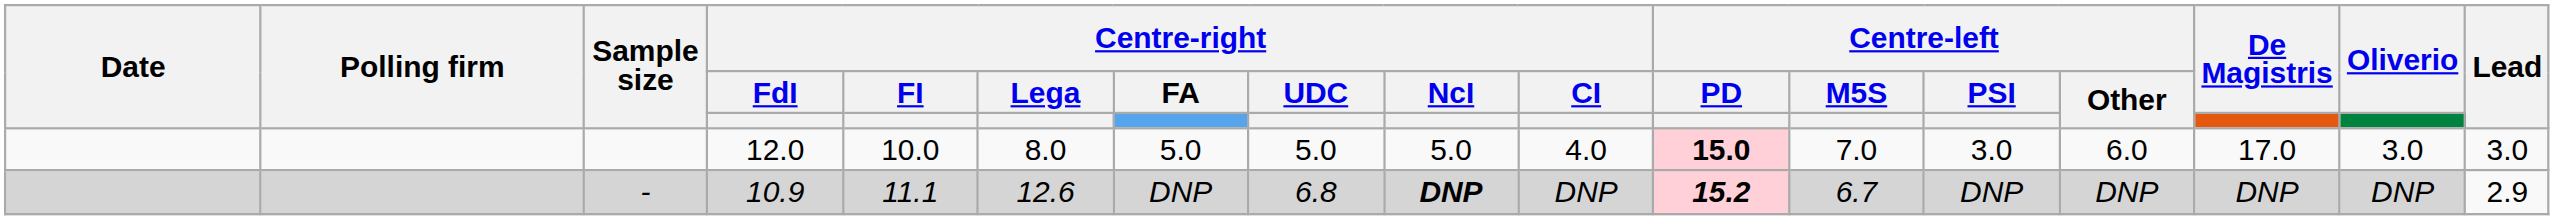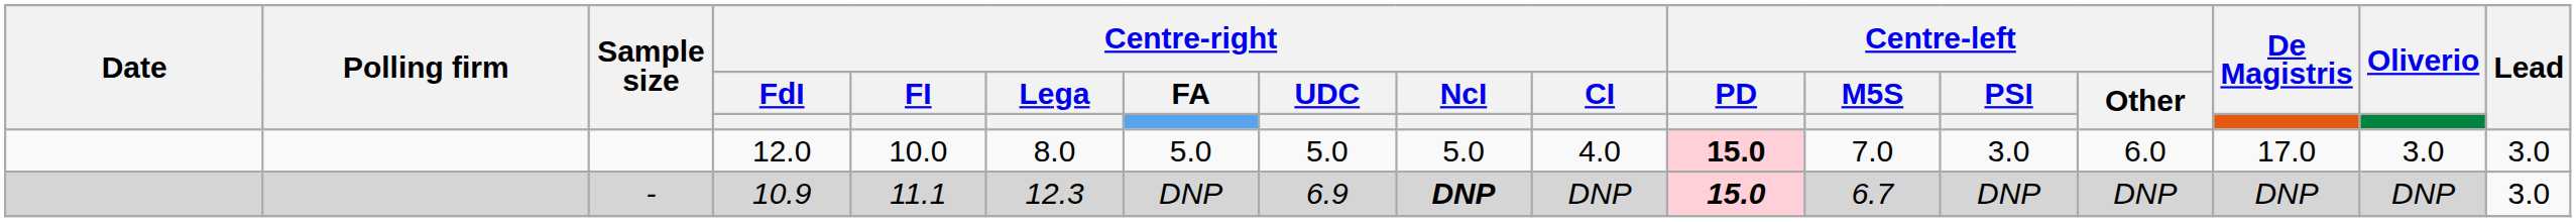 <table class=wikitable style="text-align:center;font-size:85%;line-height:13px">
 <tr style="height:30px; background-color:#E9E9E9">
 <th style="width:110px;" rowspan="3">Date</th>
 <th style="width:140px;" rowspan="3">Polling firm</th>
 <th style="width:50px;" rowspan="3">Sample size</th>
 <th colspan="7" style="width:35px;"><a href='#'>Centre-right</a></th>
 <th colspan="4" style="width:35px;"><a href='#'>Centre-left</a></th>
 <th rowspan="2" style="width:35px;"><a href='#'>De Magistris</a></th>
 <th rowspan="2" style="width:35px;"><a href='#'>Oliverio</a></th>
 <th style="width:25px;" rowspan="3">Lead</th>
 </tr>
 <tr>
 <th style="width:55px;"><a href='#'>FdI</a></th>
 <th style="width:55px;"><a href='#'>FI</a></th>
 <th style="width:55px;"><a href='#'>Lega</a></th>
 <th style="width:55px;">FA</th>
 <th style="width:55px;"><a href='#'>UDC</a></th>
 <th style="width:55px;"><a href='#'>NcI</a></th>
 <th style="width:55px;"><a href='#'>CI</a></th>
 <th style="width:55px;"><a href='#'>PD</a></th>
 <th style="width:55px;"><a href='#'>M5S</a></th>
 <th style="width:55px;"><a href='#'>PSI</a></th>
 <th rowspan="2" style="width:55px;">Other</th>
 </tr>
 <tr>
 <th style="background:"></th>
 <th style="background:"></th>
 <th style="background:"></th>
 <th style="background:#56A5EC;"></th>
 <th style="background:"></th>
 <th style="background:"></th>
 <th style="background:"></th>
 <th style="background:"></th>
 <th style="background:"></th>
 <th style="background:"></th>
 <th style="background:#E4590F;"></th>
 <th style="background:#00833F;"></th>
 </tr>
 <tr>
 <td></td>
 <td></td>
 <td></td>
 <td>12.0</td>
 <td>10.0</td>
 <td>8.0</td>
 <td>5.0</td>
 <td>5.0</td>
 <td>5.0</td>
 <td>4.0</td>
 <td style="background:#FFD0D7"><strong>15.0</strong></td>
 <td>7.0</td>
 <td>3.0</td>
 <td>6.0</td>
 <td>17.0</td>
 <td>3.0</td>
 <td style="background:">3.0</td>
 </tr>
 <tr>
 <td style="background:#D5D5D5"></td>
 <td style="background:#D5D5D5"></td>
 <td style="background:#D5D5D5"><em>-</em></td>
 <td style="background:#D5D5D5"><em>10.9</em></td>
 <td style="background:#D5D5D5"><em>11.1</em></td>
-<td style="background:#D5D5D5"><em>12.6</em></td>
+<td style="background:#D5D5D5"><em>12.3</em></td>
 <td style="background:#D5D5D5"><em>DNP</em></td>
-<td style="background:#D5D5D5"><em>6.8</em></td>
+<td style="background:#D5D5D5"><em>6.9</em></td>
 <td style="background:#D5D5D5"><strong><em>DNP</em></strong></td>
 <td style="background:#D5D5D5"><em>DNP</em></td>
-<td style="background:#FFD0D7"><strong><em>15.2</em></strong></td>
+<td style="background:#FFD0D7"><strong><em>15.0</em></strong></td>
 <td style="background:#D5D5D5"><em>6.7</em></td>
 <td style="background:#D5D5D5"><em>DNP</em></td>
 <td style="background:#D5D5D5"><em>DNP</em></td>
 <td style="background:#D5D5D5"><em>DNP</em></td>
 <td style="background:#D5D5D5"><em>DNP</em></td>
-<td style="background:">2.9</td>
+<td style="background:">3.0</td>
 </tr>
 <tr>
 </tr>
 </table>
